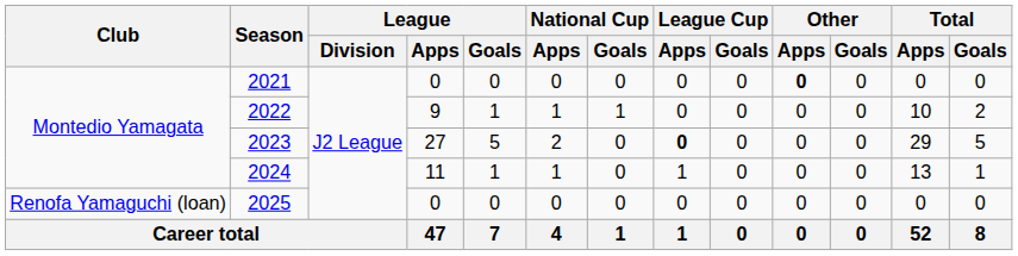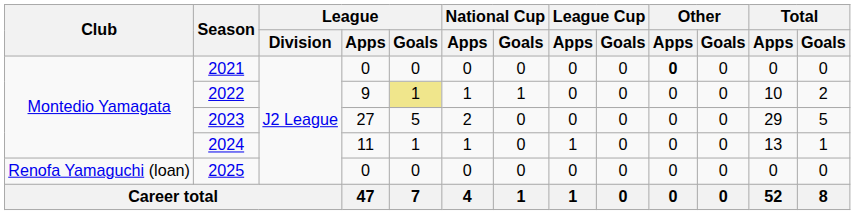 <table class="wikitable" style="text-align: center">
 <tr>
 <th rowspan="2">Club</th>
 <th rowspan="2">Season</th>
 <th colspan="3">League</th>
 <th colspan="2">National Cup</th>
 <th colspan="2">League Cup</th>
 <th colspan="2">Other</th>
 <th colspan="2">Total</th>
 </tr>
 <tr>
 <th>Division</th>
 <th>Apps</th>
 <th>Goals</th>
 <th>Apps</th>
 <th>Goals</th>
 <th>Apps</th>
 <th>Goals</th>
 <th>Apps</th>
 <th>Goals</th>
 <th>Apps</th>
 <th>Goals</th>
 </tr>
 <tr>
 <td rowspan="4"><a href='#'>Montedio Yamagata</a></td>
 <td><a href='#'>2021</a></td>
 <td rowspan="5"><a href='#'>J2 League</a></td>
 <td>0</td>
 <td>0</td>
 <td>0</td>
 <td>0</td>
 <td>0</td>
 <td>0</td>
 <td><strong>0</strong></td>
 <td>0</td>
 <td>0</td>
 <td>0</td>
 </tr>
 <tr>
 <td><a href='#'>2022</a></td>
 <td>9</td>
-<td>1</td>
+<td style="background: khaki;">1</td>
 <td>1</td>
 <td>1</td>
 <td>0</td>
 <td>0</td>
 <td>0</td>
 <td>0</td>
 <td>10</td>
 <td>2</td>
 </tr>
 <tr>
 <td><a href='#'>2023</a></td>
 <td>27</td>
 <td>5</td>
 <td>2</td>
 <td>0</td>
-<td><strong>0</strong></td>
+<td>0</td>
 <td>0</td>
 <td>0</td>
 <td>0</td>
 <td>29</td>
 <td>5</td>
 </tr>
 <tr>
 <td><a href='#'>2024</a></td>
 <td>11</td>
 <td>1</td>
 <td>1</td>
 <td>0</td>
 <td>1</td>
 <td>0</td>
 <td>0</td>
 <td>0</td>
 <td>13</td>
 <td>1</td>
 </tr>
 <tr>
 <td><a href='#'>Renofa Yamaguchi</a> (loan)</td>
 <td><a href='#'>2025</a></td>
 <td>0</td>
 <td>0</td>
 <td>0</td>
 <td>0</td>
 <td>0</td>
 <td>0</td>
 <td>0</td>
 <td>0</td>
 <td>0</td>
 <td>0</td>
 </tr>
 <tr>
 <th colspan=3>Career total</th>
 <th>47</th>
 <th>7</th>
 <th>4</th>
 <th>1</th>
 <th>1</th>
 <th>0</th>
 <th>0</th>
 <th>0</th>
 <th>52</th>
 <th>8</th>
 </tr>
 </table>
